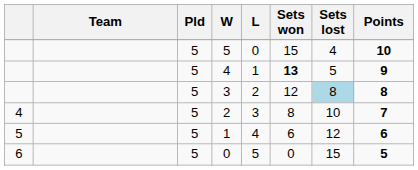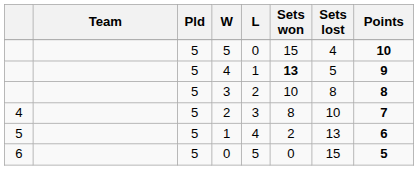 <table class=wikitable style="text-align:center" width=500>
 <tr>
 <th width=5%></th>
 <th width=25%>Team</th>
 <th width=5%>Pld</th>
 <th width=5%>W</th>
 <th width=5%>L</th>
 <th width=5%>Sets won</th>
 <th width=5%>Sets lost</th>
 <th width=8%>Points</th>
 </tr>
 <tr>
 </tr>
 <tr>
 <td align="center"></td>
 <td align="left"></td>
 <td>5</td>
 <td>5</td>
 <td>0</td>
 <td>15</td>
 <td>4</td>
 <td><strong>10</strong></td>
 </tr>
 <tr>
 <td align="center"></td>
 <td align="left"></td>
 <td>5</td>
 <td>4</td>
 <td>1</td>
 <td><strong>13</strong></td>
 <td>5</td>
 <td><strong>9</strong></td>
 </tr>
 <tr>
 <td align="center"></td>
 <td align="left"></td>
 <td>5</td>
 <td>3</td>
 <td>2</td>
-<td>12</td>
-<td style="background: lightblue;">8</td>
+<td>10</td>
+<td>8</td>
 <td><strong>8</strong></td>
 </tr>
 <tr>
 <td align="center">4</td>
 <td align="left"></td>
 <td>5</td>
 <td>2</td>
 <td>3</td>
 <td>8</td>
 <td>10</td>
 <td><strong>7</strong></td>
 </tr>
 <tr>
 <td align="center">5</td>
 <td align="left"></td>
 <td>5</td>
 <td>1</td>
 <td>4</td>
-<td>6</td>
-<td>12</td>
+<td>2</td>
+<td>13</td>
 <td><strong>6</strong></td>
 </tr>
 <tr>
 <td align="center">6</td>
 <td align="left"></td>
 <td>5</td>
 <td>0</td>
 <td>5</td>
 <td>0</td>
 <td>15</td>
 <td><strong>5</strong></td>
 </tr>
 </table>
